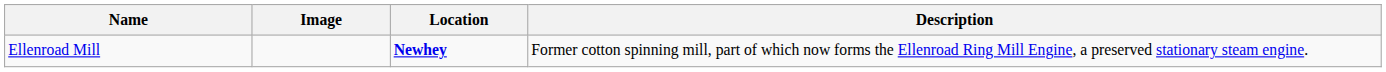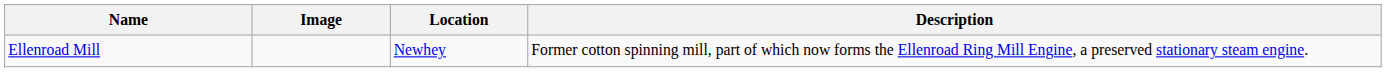 <table class="wikitable sortable" style="font-size:90%;width:100%;border:0px;text-align:left;line-height:150%;">
 <tr>
 <th width="18%">Name</th>
 <th width="10%" class="unsortable">Image</th>
 <th width="10%">Location</th>
 <th width="62%" class="unsortable">Description</th>
 </tr>
 <tr>
 <td><a href='#'>Ellenroad Mill</a></td>
 <td></td>
-<td><strong><a href='#'>Newhey</a></strong></td>
+<td><a href='#'>Newhey</a></td>
 <td>Former cotton spinning mill, part of which now forms the <a href='#'>Ellenroad Ring Mill Engine</a>, a preserved <a href='#'>stationary steam engine</a>.</td>
 </tr>
 <tr>
 </tr>
 </table>
